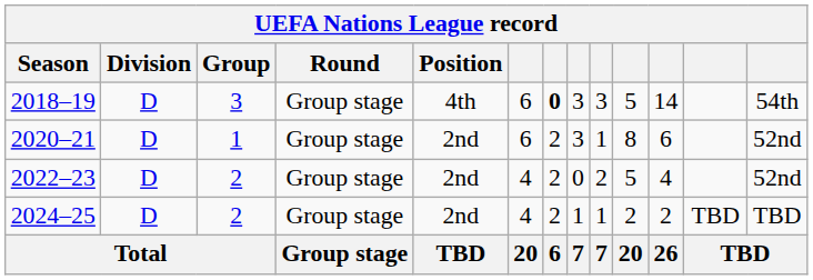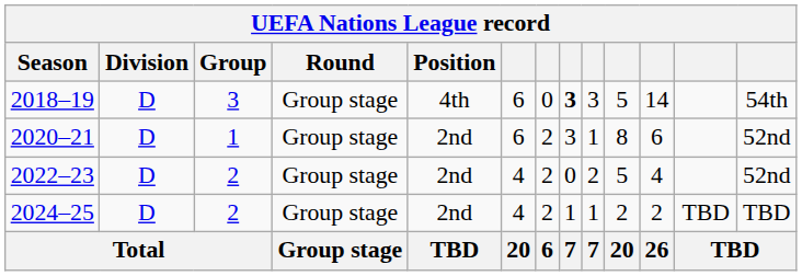 <table class="wikitable" style="text-align: center;">
 <tr>
 <th colspan="13"><a href='#'>UEFA Nations League</a> record</th>
 </tr>
 <tr>
 <th>Season</th>
 <th>Division</th>
 <th>Group</th>
 <th>Round</th>
 <th>Position</th>
 <th></th>
 <th></th>
 <th></th>
 <th></th>
 <th></th>
 <th></th>
 <th width=35></th>
 <th width=28></th>
 </tr>
 <tr>
 <td><a href='#'>2018–19</a></td>
 <td><a href='#'>D</a></td>
 <td><a href='#'>3</a></td>
 <td>Group stage</td>
 <td>4th</td>
 <td>6</td>
-<td><strong>0</strong></td>
-<td>3</td>
+<td>0</td>
+<td><strong>3</strong></td>
 <td>3</td>
 <td>5</td>
 <td>14</td>
 <td></td>
 <td>54th</td>
 </tr>
 <tr>
 <td><a href='#'>2020–21</a></td>
 <td><a href='#'>D</a></td>
 <td><a href='#'>1</a></td>
 <td>Group stage</td>
 <td>2nd</td>
 <td>6</td>
 <td>2</td>
 <td>3</td>
 <td>1</td>
 <td>8</td>
 <td>6</td>
 <td></td>
 <td>52nd</td>
 </tr>
 <tr>
 <td><a href='#'>2022–23</a></td>
 <td><a href='#'>D</a></td>
 <td><a href='#'>2</a></td>
 <td>Group stage</td>
 <td>2nd</td>
 <td>4</td>
 <td>2</td>
 <td>0</td>
 <td>2</td>
 <td>5</td>
 <td>4</td>
 <td></td>
 <td>52nd</td>
 </tr>
 <tr>
 <td><a href='#'>2024–25</a></td>
 <td><a href='#'>D</a></td>
 <td><a href='#'>2</a></td>
 <td>Group stage</td>
 <td>2nd</td>
 <td>4</td>
 <td>2</td>
 <td>1</td>
 <td>1</td>
 <td>2</td>
 <td>2</td>
 <td>TBD</td>
 <td>TBD</td>
 </tr>
 <tr>
 <th colspan=3>Total</th>
 <th>Group stage</th>
 <th>TBD</th>
 <th>20</th>
 <th>6</th>
 <th>7</th>
 <th>7</th>
 <th>20</th>
 <th>26</th>
 <th colspan=2>TBD</th>
 </tr>
 </table>
